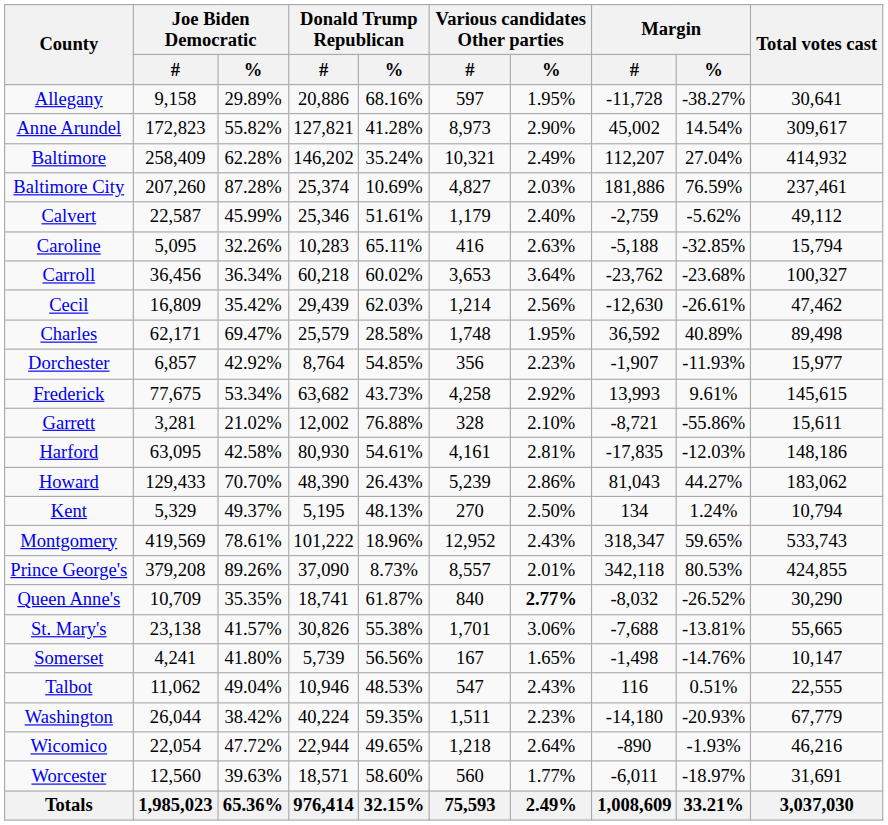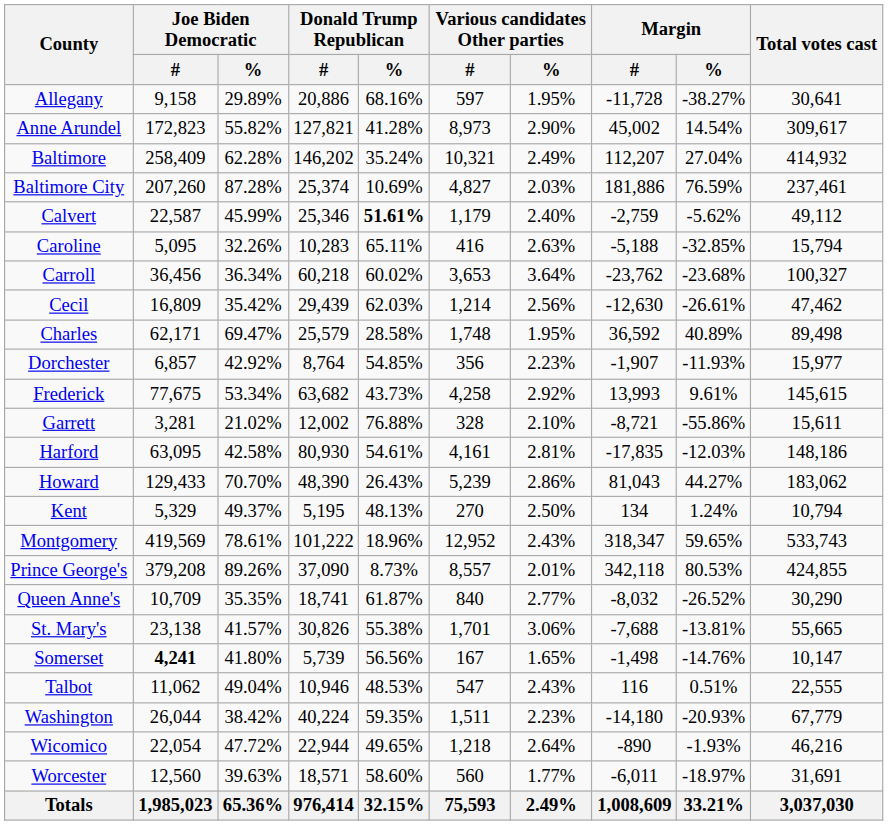 <table width="60%" class="wikitable sortable">
 <tr>
 <th rowspan="2">County</th>
 <th colspan="2">Joe Biden<br>Democratic</th>
 <th colspan="2">Donald Trump<br>Republican</th>
 <th colspan="2">Various candidates<br>Other parties</th>
 <th colspan="2">Margin</th>
 <th rowspan="2">Total votes cast</th>
 </tr>
 <tr>
 <th style="text-align:center;" data-sort-type="number">#</th>
 <th style="text-align:center;" data-sort-type="number">%</th>
 <th style="text-align:center;" data-sort-type="number">#</th>
 <th style="text-align:center;" data-sort-type="number">%</th>
 <th style="text-align:center;" data-sort-type="number">#</th>
 <th style="text-align:center;" data-sort-type="number">%</th>
 <th style="text-align:center;" data-sort-type="number">#</th>
 <th style="text-align:center;" data-sort-type="number">%</th>
 </tr>
 <tr style="text-align:center;">
 <td><a href='#'>Allegany</a></td>
 <td>9,158</td>
 <td>29.89%</td>
 <td>20,886</td>
 <td>68.16%</td>
 <td>597</td>
 <td>1.95%</td>
 <td>-11,728</td>
 <td>-38.27%</td>
 <td>30,641</td>
 </tr>
 <tr style="text-align:center;">
 <td><a href='#'>Anne Arundel</a></td>
 <td>172,823</td>
 <td>55.82%</td>
 <td>127,821</td>
 <td>41.28%</td>
 <td>8,973</td>
 <td>2.90%</td>
 <td>45,002</td>
 <td>14.54%</td>
 <td>309,617</td>
 </tr>
 <tr style="text-align:center;">
 <td><a href='#'>Baltimore</a></td>
 <td>258,409</td>
 <td>62.28%</td>
 <td>146,202</td>
 <td>35.24%</td>
 <td>10,321</td>
 <td>2.49%</td>
 <td>112,207</td>
 <td>27.04%</td>
 <td>414,932</td>
 </tr>
 <tr style="text-align:center;">
 <td><a href='#'>Baltimore City</a></td>
 <td>207,260</td>
 <td>87.28%</td>
 <td>25,374</td>
 <td>10.69%</td>
 <td>4,827</td>
 <td>2.03%</td>
 <td>181,886</td>
 <td>76.59%</td>
 <td>237,461</td>
 </tr>
 <tr style="text-align:center;">
 <td><a href='#'>Calvert</a></td>
 <td>22,587</td>
 <td>45.99%</td>
 <td>25,346</td>
-<td>51.61%</td>
+<td><strong>51.61%</strong></td>
 <td>1,179</td>
 <td>2.40%</td>
 <td>-2,759</td>
 <td>-5.62%</td>
 <td>49,112</td>
 </tr>
 <tr style="text-align:center;">
 <td><a href='#'>Caroline</a></td>
 <td>5,095</td>
 <td>32.26%</td>
 <td>10,283</td>
 <td>65.11%</td>
 <td>416</td>
 <td>2.63%</td>
 <td>-5,188</td>
 <td>-32.85%</td>
 <td>15,794</td>
 </tr>
 <tr style="text-align:center;">
 <td><a href='#'>Carroll</a></td>
 <td>36,456</td>
 <td>36.34%</td>
 <td>60,218</td>
 <td>60.02%</td>
 <td>3,653</td>
 <td>3.64%</td>
 <td>-23,762</td>
 <td>-23.68%</td>
 <td>100,327</td>
 </tr>
 <tr style="text-align:center;">
 <td><a href='#'>Cecil</a></td>
 <td>16,809</td>
 <td>35.42%</td>
 <td>29,439</td>
 <td>62.03%</td>
 <td>1,214</td>
 <td>2.56%</td>
 <td>-12,630</td>
 <td>-26.61%</td>
 <td>47,462</td>
 </tr>
 <tr style="text-align:center;">
 <td><a href='#'>Charles</a></td>
 <td>62,171</td>
 <td>69.47%</td>
 <td>25,579</td>
 <td>28.58%</td>
 <td>1,748</td>
 <td>1.95%</td>
 <td>36,592</td>
 <td>40.89%</td>
 <td>89,498</td>
 </tr>
 <tr style="text-align:center;">
 <td><a href='#'>Dorchester</a></td>
 <td>6,857</td>
 <td>42.92%</td>
 <td>8,764</td>
 <td>54.85%</td>
 <td>356</td>
 <td>2.23%</td>
 <td>-1,907</td>
 <td>-11.93%</td>
 <td>15,977</td>
 </tr>
 <tr style="text-align:center;">
 <td><a href='#'>Frederick</a></td>
 <td>77,675</td>
 <td>53.34%</td>
 <td>63,682</td>
 <td>43.73%</td>
 <td>4,258</td>
 <td>2.92%</td>
 <td>13,993</td>
 <td>9.61%</td>
 <td>145,615</td>
 </tr>
 <tr style="text-align:center;">
 <td><a href='#'>Garrett</a></td>
 <td>3,281</td>
 <td>21.02%</td>
 <td>12,002</td>
 <td>76.88%</td>
 <td>328</td>
 <td>2.10%</td>
 <td>-8,721</td>
 <td>-55.86%</td>
 <td>15,611</td>
 </tr>
 <tr style="text-align:center;">
 <td><a href='#'>Harford</a></td>
 <td>63,095</td>
 <td>42.58%</td>
 <td>80,930</td>
 <td>54.61%</td>
 <td>4,161</td>
 <td>2.81%</td>
 <td>-17,835</td>
 <td>-12.03%</td>
 <td>148,186</td>
 </tr>
 <tr style="text-align:center;">
 <td><a href='#'>Howard</a></td>
 <td>129,433</td>
 <td>70.70%</td>
 <td>48,390</td>
 <td>26.43%</td>
 <td>5,239</td>
 <td>2.86%</td>
 <td>81,043</td>
 <td>44.27%</td>
 <td>183,062</td>
 </tr>
 <tr style="text-align:center;">
 <td><a href='#'>Kent</a></td>
 <td>5,329</td>
 <td>49.37%</td>
 <td>5,195</td>
 <td>48.13%</td>
 <td>270</td>
 <td>2.50%</td>
 <td>134</td>
 <td>1.24%</td>
 <td>10,794</td>
 </tr>
 <tr style="text-align:center;">
 <td><a href='#'>Montgomery</a></td>
 <td>419,569</td>
 <td>78.61%</td>
 <td>101,222</td>
 <td>18.96%</td>
 <td>12,952</td>
 <td>2.43%</td>
 <td>318,347</td>
 <td>59.65%</td>
 <td>533,743</td>
 </tr>
 <tr style="text-align:center;">
 <td><a href='#'>Prince George's</a></td>
 <td>379,208</td>
 <td>89.26%</td>
 <td>37,090</td>
 <td>8.73%</td>
 <td>8,557</td>
 <td>2.01%</td>
 <td>342,118</td>
 <td>80.53%</td>
 <td>424,855</td>
 </tr>
 <tr style="text-align:center;">
 <td><a href='#'>Queen Anne's</a></td>
 <td>10,709</td>
 <td>35.35%</td>
 <td>18,741</td>
 <td>61.87%</td>
 <td>840</td>
-<td><strong>2.77%</strong></td>
+<td>2.77%</td>
 <td>-8,032</td>
 <td>-26.52%</td>
 <td>30,290</td>
 </tr>
 <tr style="text-align:center;">
 <td><a href='#'>St. Mary's</a></td>
 <td>23,138</td>
 <td>41.57%</td>
 <td>30,826</td>
 <td>55.38%</td>
 <td>1,701</td>
 <td>3.06%</td>
 <td>-7,688</td>
 <td>-13.81%</td>
 <td>55,665</td>
 </tr>
 <tr style="text-align:center;">
 <td><a href='#'>Somerset</a></td>
-<td>4,241</td>
+<td><strong>4,241</strong></td>
 <td>41.80%</td>
 <td>5,739</td>
 <td>56.56%</td>
 <td>167</td>
 <td>1.65%</td>
 <td>-1,498</td>
 <td>-14.76%</td>
 <td>10,147</td>
 </tr>
 <tr style="text-align:center;">
 <td><a href='#'>Talbot</a></td>
 <td>11,062</td>
 <td>49.04%</td>
 <td>10,946</td>
 <td>48.53%</td>
 <td>547</td>
 <td>2.43%</td>
 <td>116</td>
 <td>0.51%</td>
 <td>22,555</td>
 </tr>
 <tr style="text-align:center;">
 <td><a href='#'>Washington</a></td>
 <td>26,044</td>
 <td>38.42%</td>
 <td>40,224</td>
 <td>59.35%</td>
 <td>1,511</td>
 <td>2.23%</td>
 <td>-14,180</td>
 <td>-20.93%</td>
 <td>67,779</td>
 </tr>
 <tr style="text-align:center;">
 <td><a href='#'>Wicomico</a></td>
 <td>22,054</td>
 <td>47.72%</td>
 <td>22,944</td>
 <td>49.65%</td>
 <td>1,218</td>
 <td>2.64%</td>
 <td>-890</td>
 <td>-1.93%</td>
 <td>46,216</td>
 </tr>
 <tr style="text-align:center;">
 <td><a href='#'>Worcester</a></td>
 <td>12,560</td>
 <td>39.63%</td>
 <td>18,571</td>
 <td>58.60%</td>
 <td>560</td>
 <td>1.77%</td>
 <td>-6,011</td>
 <td>-18.97%</td>
 <td>31,691</td>
 </tr>
 <tr style="text-align:center;">
 <th>Totals</th>
 <th>1,985,023</th>
 <th>65.36%</th>
 <th>976,414</th>
 <th>32.15%</th>
 <th>75,593</th>
 <th>2.49%</th>
 <th>1,008,609</th>
 <th>33.21%</th>
 <th>3,037,030</th>
 </tr>
 </table>
